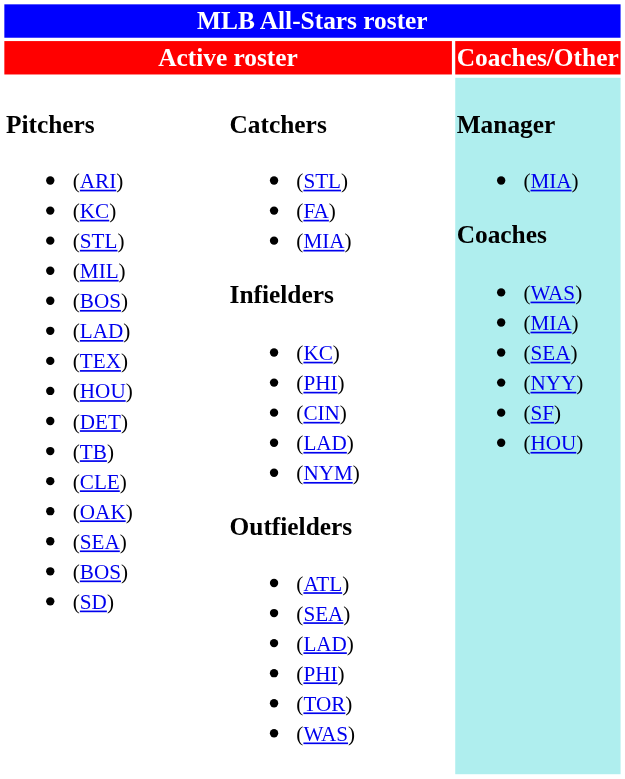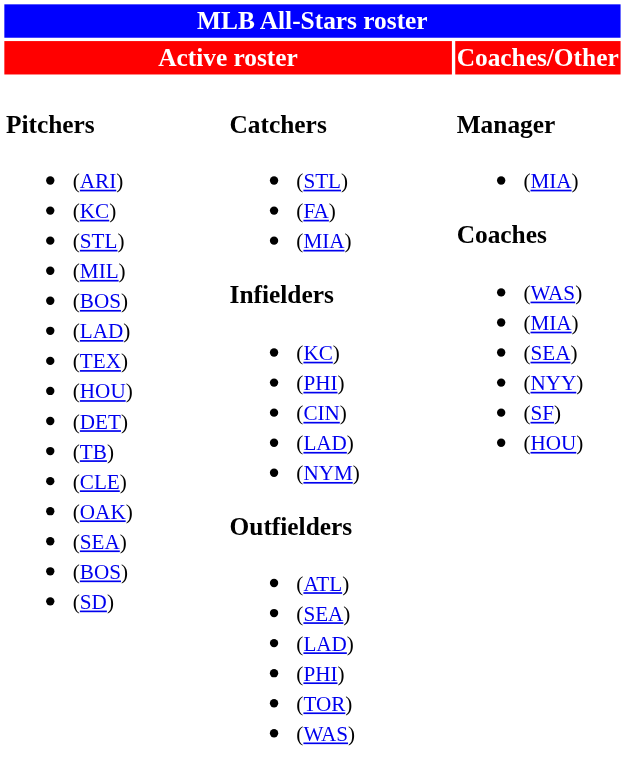 <table class="toccolours" style="font-size: 95%;">
 <tr>
 <th colspan="10" style="background-color: #0000FF; color: #FFFFFF; text-align: center;">MLB All-Stars roster</th>
 </tr>
 <tr>
 <td colspan="4" style="background-color: #FF0000; color: #FFFFFF; text-align: center;"><strong>Active roster</strong></td>
 <td colspan="1" style="background-color: #FF0000; color: #FFFFFF; text-align: center;"><strong>Coaches/Other</strong></td>
 </tr>
 <tr>
 <td style="vertical-align:top;"><br><strong>Pitchers</strong><br><ul><li> <small>(<a href='#'>ARI</a>)</small></li><li> <small>(<a href='#'>KC</a>)</small></li><li> <small>(<a href='#'>STL</a>)</small></li><li> <small>(<a href='#'>MIL</a>)</small></li><li> <small>(<a href='#'>BOS</a>)</small></li><li> <small>(<a href='#'>LAD</a>)</small></li><li> <small>(<a href='#'>TEX</a>)</small></li><li> <small>(<a href='#'>HOU</a>)</small></li><li> <small>(<a href='#'>DET</a>)</small></li><li> <small>(<a href='#'>TB</a>)</small></li><li> <small>(<a href='#'>CLE</a>)</small></li><li> <small>(<a href='#'>OAK</a>)</small></li><li> <small>(<a href='#'>SEA</a>)</small></li><li> <small>(<a href='#'>BOS</a>)</small></li><li> <small>(<a href='#'>SD</a>)</small></li></ul></td>
 <td width="50px"> </td>
 <td style="vertical-align:top;"><br><strong>Catchers</strong><br><ul><li> <small>(<a href='#'>STL</a>)</small></li><li> <small>(<a href='#'>FA</a>)</small></li><li> <small>(<a href='#'>MIA</a>)</small></li></ul><strong>Infielders</strong><br><ul><li> <small>(<a href='#'>KC</a>)</small></li><li> <small>(<a href='#'>PHI</a>)</small></li><li> <small>(<a href='#'>CIN</a>)</small></li><li> <small>(<a href='#'>LAD</a>)</small></li><li> <small>(<a href='#'>NYM</a>)</small></li></ul><strong>Outfielders</strong><br><ul><li> <small>(<a href='#'>ATL</a>)</small></li><li> <small>(<a href='#'>SEA</a>)</small></li><li> <small>(<a href='#'>LAD</a>)</small></li><li> <small>(<a href='#'>PHI</a>) </small></li><li> <small>(<a href='#'>TOR</a>) </small></li><li> <small>(<a href='#'>WAS</a>)</small></li></ul></td>
 <td width="50"> </td>
-<td style="background: paleturquoise; vertical-align:top;"><br><strong>Manager</strong><br><ul><li> <small>(<a href='#'>MIA</a>)</small></li></ul><strong>Coaches</strong><br><ul><li> <small>(<a href='#'>WAS</a>)</small></li><li> <small>(<a href='#'>MIA</a>)</small></li><li> <small>(<a href='#'>SEA</a>)</small></li><li> <small>(<a href='#'>NYY</a>)</small></li><li> <small>(<a href='#'>SF</a>)</small></li><li> <small>(<a href='#'>HOU</a>)</small></li></ul></td>
+<td style="vertical-align:top;"><br><strong>Manager</strong><br><ul><li> <small>(<a href='#'>MIA</a>)</small></li></ul><strong>Coaches</strong><br><ul><li> <small>(<a href='#'>WAS</a>)</small></li><li> <small>(<a href='#'>MIA</a>)</small></li><li> <small>(<a href='#'>SEA</a>)</small></li><li> <small>(<a href='#'>NYY</a>)</small></li><li> <small>(<a href='#'>SF</a>)</small></li><li> <small>(<a href='#'>HOU</a>)</small></li></ul></td>
 </tr>
 </table>
